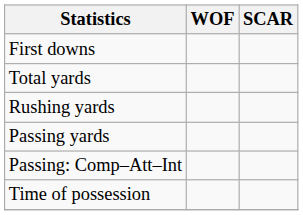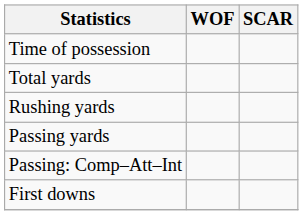 <table class="wikitable" style="float: left;">
 <tr>
 <th>Statistics</th>
 <th>WOF</th>
 <th>SCAR</th>
 </tr>
 <tr>
-<td>First downs</td>
+<td>Time of possession</td>
 <td></td>
 <td></td>
 </tr>
 <tr>
 <td>Total yards</td>
 <td></td>
 <td></td>
 </tr>
 <tr>
 <td>Rushing yards</td>
 <td></td>
 <td></td>
 </tr>
 <tr>
 <td>Passing yards</td>
 <td></td>
 <td></td>
 </tr>
 <tr>
 <td>Passing: Comp–Att–Int</td>
 <td></td>
 <td></td>
 </tr>
 <tr>
-<td>Time of possession</td>
+<td>First downs</td>
 <td></td>
 <td></td>
 </tr>
 <tr>
 </tr>
 </table>
